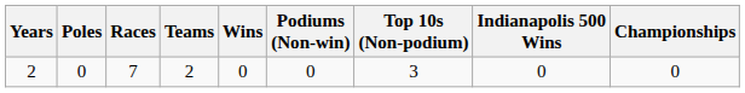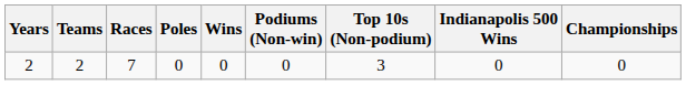 <table class="wikitable" style="text-align:center; font-size:95%">
 <tr>
 <th>Years</th>
+<th>Teams</th>
+<th>Races</th>
 <th>Poles</th>
-<th>Races</th>
-<th>Teams</th>
 <th>Wins</th>
 <th>Podiums<br>(Non-win)</th>
 <th>Top 10s<br>(Non-podium)</th>
 <th>Indianapolis 500<br>Wins</th>
 <th>Championships</th>
 </tr>
 <tr>
 <td>2</td>
+<td>2</td>
+<td>7</td>
 <td>0</td>
-<td>7</td>
-<td>2</td>
 <td>0</td>
 <td>0</td>
 <td>3</td>
 <td>0</td>
 <td>0</td>
 </tr>
 </table>
